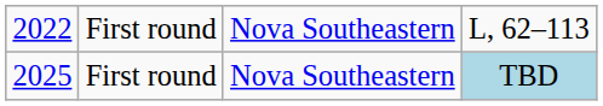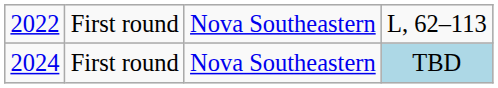 <table class="wikitable">
 <tr align="center">
 <td><a href='#'>2022</a></td>
 <td>First round</td>
 <td><a href='#'>Nova Southeastern</a></td>
 <td>L, 62–113</td>
 </tr>
 <tr align="center">
-<td><a href='#'>2025</a></td>
+<td><a href='#'>2024</a></td>
 <td>First round</td>
 <td><a href='#'>Nova Southeastern</a></td>
 <td style="background: lightblue;">TBD</td>
 </tr>
 </table>
